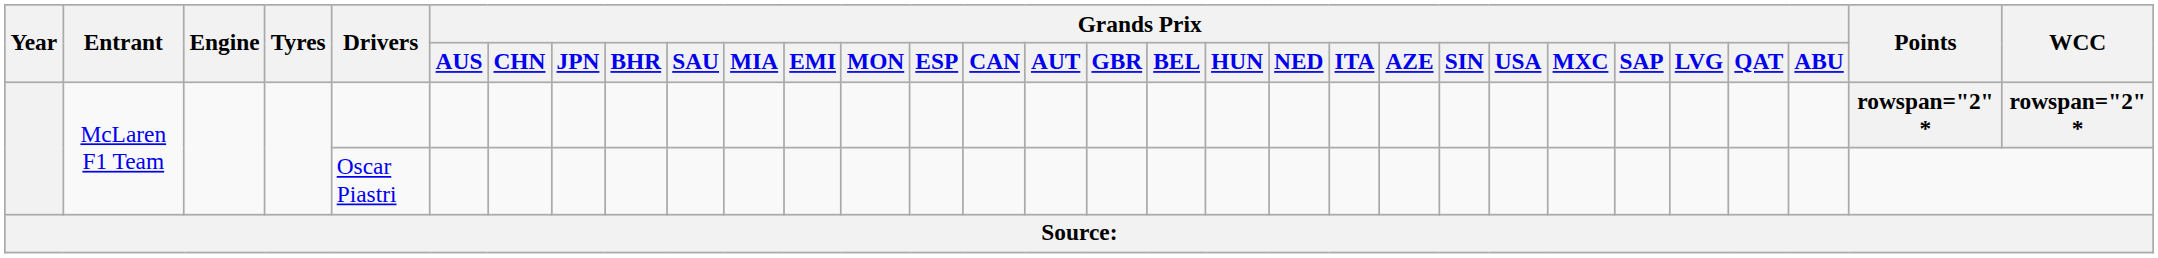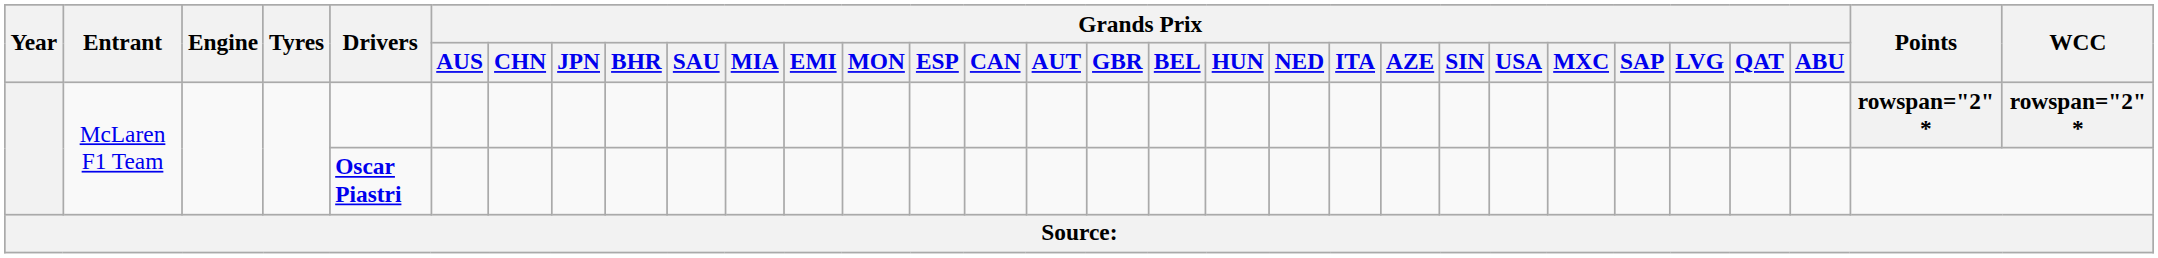 <table class="wikitable" style="text-align:center; font-size:85%">
 <tr>
 <th rowspan="2">Year</th>
 <th rowspan="2">Entrant</th>
 <th rowspan="2">Engine</th>
 <th rowspan="2">Tyres</th>
 <th rowspan="2">Drivers</th>
 <th colspan="24">Grands Prix</th>
 <th rowspan="2">Points</th>
 <th rowspan="2">WCC</th>
 </tr>
 <tr>
 <th><a href='#'>AUS</a></th>
 <th><a href='#'>CHN</a></th>
 <th><a href='#'>JPN</a></th>
 <th><a href='#'>BHR</a></th>
 <th><a href='#'>SAU</a></th>
 <th><a href='#'>MIA</a></th>
 <th><a href='#'>EMI</a></th>
 <th><a href='#'>MON</a></th>
 <th><a href='#'>ESP</a></th>
 <th><a href='#'>CAN</a></th>
 <th><a href='#'>AUT</a></th>
 <th><a href='#'>GBR</a></th>
 <th><a href='#'>BEL</a></th>
 <th><a href='#'>HUN</a></th>
 <th><a href='#'>NED</a></th>
 <th><a href='#'>ITA</a></th>
 <th><a href='#'>AZE</a></th>
 <th><a href='#'>SIN</a></th>
 <th><a href='#'>USA</a></th>
 <th><a href='#'>MXC</a></th>
 <th><a href='#'>SAP</a></th>
 <th><a href='#'>LVG</a></th>
 <th><a href='#'>QAT</a></th>
 <th><a href='#'>ABU</a></th>
 </tr>
 <tr>
 <th rowspan="2"></th>
 <td rowspan="2"><a href='#'>McLaren F1 Team</a></td>
 <td rowspan="2"><br><br></td>
 <td rowspan="2"></td>
 <td align="left"></td>
 <td></td>
 <td></td>
 <td></td>
 <td></td>
 <td></td>
 <td></td>
 <td></td>
 <td></td>
 <td></td>
 <td></td>
 <td></td>
 <td></td>
 <td></td>
 <td></td>
 <td></td>
 <td></td>
 <td></td>
 <td></td>
 <td></td>
 <td></td>
 <td></td>
 <td></td>
 <td></td>
 <td></td>
 <th>rowspan="2" *</th>
 <th>rowspan="2" *</th>
 </tr>
 <tr>
-<td align=left> <a href='#'>Oscar Piastri</a></td>
+<td align=left><strong> <a href='#'>Oscar Piastri</a></strong></td>
 <td></td>
 <td></td>
 <td></td>
 <td></td>
 <td></td>
 <td></td>
 <td></td>
 <td></td>
 <td></td>
 <td></td>
 <td></td>
 <td></td>
 <td></td>
 <td></td>
 <td></td>
 <td></td>
 <td></td>
 <td></td>
 <td></td>
 <td></td>
 <td></td>
 <td></td>
 <td></td>
 <td></td>
 </tr>
 <tr>
 <th colspan="31">Source:</th>
 </tr>
 </table>
